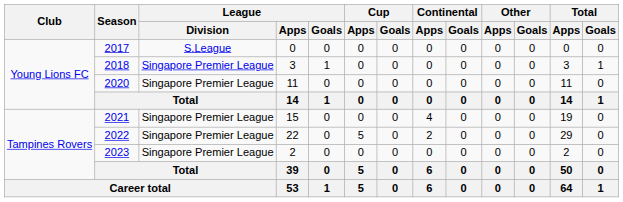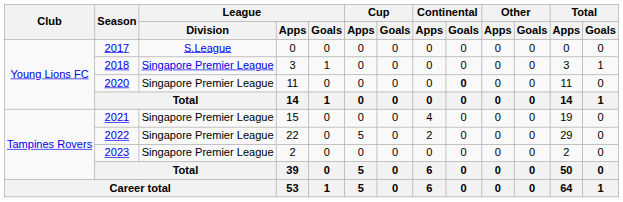 <table class="wikitable" style="text-align: center">
 <tr>
 <th rowspan="2">Club</th>
 <th rowspan="2">Season</th>
 <th colspan="3">League</th>
 <th colspan="2">Cup</th>
 <th colspan="2">Continental</th>
 <th colspan="2">Other</th>
 <th colspan="2">Total</th>
 </tr>
 <tr>
 <th>Division</th>
 <th>Apps</th>
 <th>Goals</th>
 <th>Apps</th>
 <th>Goals</th>
 <th>Apps</th>
 <th>Goals</th>
 <th>Apps</th>
 <th>Goals</th>
 <th>Apps</th>
 <th>Goals</th>
 </tr>
 <tr>
 <td rowspan="4"><a href='#'>Young Lions FC</a></td>
 <td><a href='#'>2017</a></td>
 <td><a href='#'>S.League</a></td>
 <td>0</td>
 <td>0</td>
 <td>0</td>
 <td>0</td>
 <td>0</td>
 <td>0</td>
 <td>0</td>
 <td>0</td>
 <td>0</td>
 <td>0</td>
 </tr>
 <tr>
 <td><a href='#'>2018</a></td>
 <td><a href='#'>Singapore Premier League</a></td>
 <td>3</td>
 <td>1</td>
 <td>0</td>
 <td>0</td>
 <td>0</td>
 <td>0</td>
 <td>0</td>
 <td>0</td>
 <td>3</td>
 <td>1</td>
 </tr>
 <tr>
 <td><a href='#'>2020</a></td>
 <td>Singapore Premier League</td>
 <td>11</td>
 <td>0</td>
 <td>0</td>
 <td>0</td>
 <td>0</td>
-<td>0</td>
+<td><strong>0</strong></td>
 <td>0</td>
 <td>0</td>
 <td>11</td>
 <td>0</td>
 </tr>
 <tr>
 <th colspan=2>Total</th>
 <th>14</th>
 <th>1</th>
 <th>0</th>
 <th>0</th>
 <th>0</th>
 <th>0</th>
 <th>0</th>
 <th>0</th>
 <th>14</th>
 <th>1</th>
 </tr>
 <tr>
 <td rowspan="4"><a href='#'>Tampines Rovers</a></td>
 <td><a href='#'>2021</a></td>
 <td>Singapore Premier League</td>
 <td>15</td>
 <td>0</td>
 <td>0</td>
 <td>0</td>
 <td>4</td>
 <td>0</td>
 <td>0</td>
 <td>0</td>
 <td>19</td>
 <td>0</td>
 </tr>
 <tr>
 <td><a href='#'>2022</a></td>
 <td>Singapore Premier League</td>
 <td>22</td>
 <td>0</td>
 <td>5</td>
 <td>0</td>
 <td>2</td>
 <td>0</td>
 <td>0</td>
 <td>0</td>
 <td>29</td>
 <td>0</td>
 </tr>
 <tr>
 <td><a href='#'>2023</a></td>
 <td>Singapore Premier League</td>
 <td>2</td>
 <td>0</td>
 <td>0</td>
 <td>0</td>
 <td>0</td>
 <td>0</td>
 <td>0</td>
 <td>0</td>
 <td>2</td>
 <td>0</td>
 </tr>
 <tr>
 <th colspan=2>Total</th>
 <th>39</th>
 <th>0</th>
 <th>5</th>
 <th>0</th>
 <th>6</th>
 <th>0</th>
 <th>0</th>
 <th>0</th>
 <th>50</th>
 <th>0</th>
 </tr>
 <tr>
 <th colspan=3>Career total</th>
 <th>53</th>
 <th>1</th>
 <th>5</th>
 <th>0</th>
 <th>6</th>
 <th>0</th>
 <th>0</th>
 <th>0</th>
 <th>64</th>
 <th>1</th>
 </tr>
 </table>
